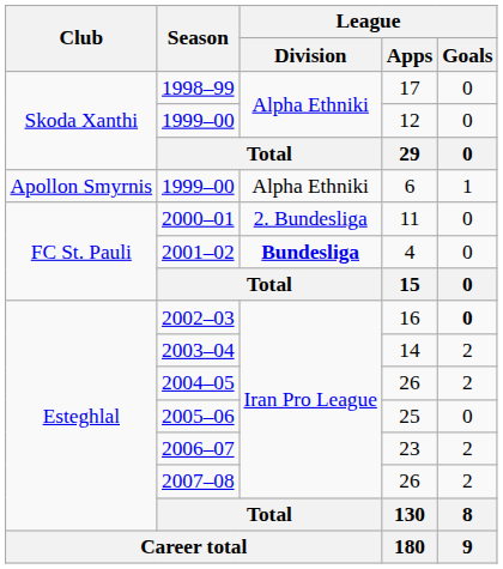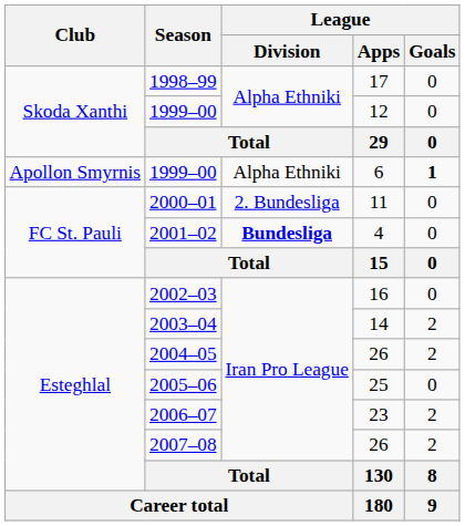 <table class="wikitable" style="text-align:center">
 <tr>
 <th rowspan="2">Club</th>
 <th rowspan="2">Season</th>
 <th colspan="3">League</th>
 </tr>
 <tr>
 <th>Division</th>
 <th>Apps</th>
 <th>Goals</th>
 </tr>
 <tr>
 <td rowspan="3"><a href='#'>Skoda Xanthi</a></td>
 <td><a href='#'>1998–99</a></td>
 <td rowspan="2"><a href='#'>Alpha Ethniki</a></td>
 <td>17</td>
 <td>0</td>
 </tr>
 <tr>
 <td><a href='#'>1999–00</a></td>
 <td>12</td>
 <td>0</td>
 </tr>
 <tr>
 <th colspan="2">Total</th>
 <th>29</th>
 <th>0</th>
 </tr>
 <tr>
 <td><a href='#'>Apollon Smyrnis</a></td>
 <td><a href='#'>1999–00</a></td>
 <td>Alpha Ethniki</td>
 <td>6</td>
-<td>1</td>
+<td><strong>1</strong></td>
 </tr>
 <tr>
 <td rowspan="3"><a href='#'>FC St. Pauli</a></td>
 <td><a href='#'>2000–01</a></td>
 <td><a href='#'>2. Bundesliga</a></td>
 <td>11</td>
 <td>0</td>
 </tr>
 <tr>
 <td><a href='#'>2001–02</a></td>
 <td><strong><a href='#'>Bundesliga</a></strong></td>
 <td>4</td>
 <td>0</td>
 </tr>
 <tr>
 <th colspan="2">Total</th>
 <th>15</th>
 <th>0</th>
 </tr>
 <tr>
 <td rowspan="7"><a href='#'>Esteghlal</a></td>
 <td><a href='#'>2002–03</a></td>
 <td rowspan="6"><a href='#'>Iran Pro League</a></td>
 <td>16</td>
-<td><strong>0</strong></td>
+<td>0</td>
 </tr>
 <tr>
 <td><a href='#'>2003–04</a></td>
 <td>14</td>
 <td>2</td>
 </tr>
 <tr>
 <td><a href='#'>2004–05</a></td>
 <td>26</td>
 <td>2</td>
 </tr>
 <tr>
 <td><a href='#'>2005–06</a></td>
 <td>25</td>
 <td>0</td>
 </tr>
 <tr>
 <td><a href='#'>2006–07</a></td>
 <td>23</td>
 <td>2</td>
 </tr>
 <tr>
 <td><a href='#'>2007–08</a></td>
 <td>26</td>
 <td>2</td>
 </tr>
 <tr>
 <th colspan="2">Total</th>
 <th>130</th>
 <th>8</th>
 </tr>
 <tr>
 <th colspan="3">Career total</th>
 <th>180</th>
 <th>9</th>
 </tr>
 </table>
